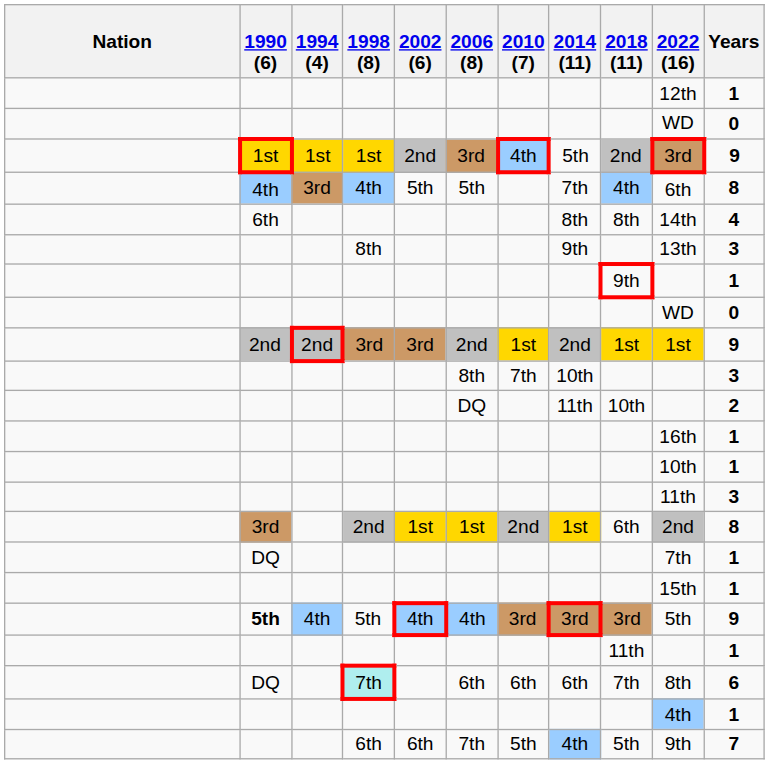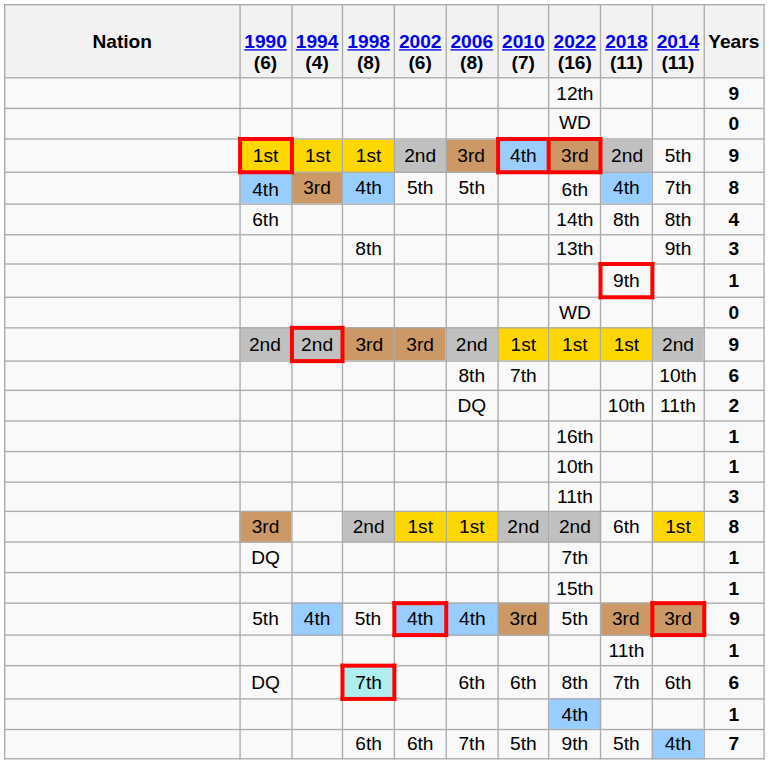 <table class="wikitable" style="text-align:center; font-size:90%">
 <tr>
 <th width=170>Nation</th>
 <th><br><a href='#'>1990</a><br>(6)</th>
 <th><br><a href='#'>1994</a><br>(4)</th>
 <th><br><a href='#'>1998</a><br>(8)</th>
 <th><br><a href='#'>2002</a><br>(6)</th>
 <th><br><a href='#'>2006</a><br>(8)</th>
 <th><br><a href='#'>2010</a><br>(7)</th>
+<th><br><a href='#'>2022</a><br>(16)</th>
+<th><br><a href='#'>2018</a><br>(11)</th>
 <th><br><a href='#'>2014</a><br>(11)</th>
-<th><br><a href='#'>2018</a><br>(11)</th>
-<th><br><a href='#'>2022</a><br>(16)</th>
 <th>Years</th>
 </tr>
 <tr>
 <td align=left></td>
 <td></td>
 <td></td>
 <td></td>
 <td></td>
 <td></td>
 <td></td>
+<td>12th</td>
 <td></td>
 <td></td>
-<td>12th</td>
-<td><strong>1</strong></td>
+<td><strong>9</strong></td>
 </tr>
 <tr>
 <td align=left></td>
 <td></td>
 <td></td>
 <td></td>
 <td></td>
 <td></td>
 <td></td>
+<td>WD</td>
 <td></td>
 <td></td>
-<td>WD</td>
 <td><strong>0</strong></td>
 </tr>
 <tr>
 <td align=left></td>
 <td style="border: 3px solid red" bgcolor=gold>1st</td>
 <td bgcolor=gold>1st</td>
 <td bgcolor=gold>1st</td>
 <td bgcolor=silver>2nd</td>
 <td bgcolor=#cc9966>3rd</td>
 <td style="border: 3px solid red" bgcolor=#9acdff>4th</td>
+<td style="border: 3px solid red" bgcolor=#cc9966>3rd</td>
+<td bgcolor=silver>2nd</td>
 <td>5th</td>
-<td bgcolor=silver>2nd</td>
-<td style="border: 3px solid red" bgcolor=#cc9966>3rd</td>
 <td><strong>9</strong></td>
 </tr>
 <tr>
 <td align=left></td>
 <td bgcolor=#9acdff>4th</td>
 <td bgcolor=#cc9966>3rd</td>
 <td bgcolor=#9acdff>4th</td>
 <td>5th</td>
 <td>5th</td>
 <td></td>
+<td>6th</td>
+<td bgcolor=#9acdff>4th</td>
 <td>7th</td>
-<td bgcolor=#9acdff>4th</td>
-<td>6th</td>
 <td><strong>8</strong></td>
 </tr>
 <tr>
 <td align=left></td>
 <td>6th</td>
 <td></td>
 <td></td>
 <td></td>
 <td></td>
 <td></td>
+<td>14th</td>
 <td>8th</td>
 <td>8th</td>
-<td>14th</td>
 <td><strong>4</strong></td>
 </tr>
 <tr>
 <td align=left></td>
 <td></td>
 <td></td>
 <td>8th</td>
 <td></td>
 <td></td>
 <td></td>
+<td>13th</td>
+<td></td>
 <td>9th</td>
-<td></td>
-<td>13th</td>
 <td><strong>3</strong></td>
 </tr>
 <tr>
 <td align=left></td>
 <td></td>
 <td></td>
 <td></td>
 <td></td>
 <td></td>
 <td></td>
 <td></td>
 <td style="border: 3px solid red">9th</td>
 <td></td>
 <td><strong>1</strong></td>
 </tr>
 <tr>
 <td align=left></td>
 <td></td>
 <td></td>
 <td></td>
 <td></td>
 <td></td>
 <td></td>
+<td>WD</td>
 <td></td>
 <td></td>
-<td>WD</td>
 <td><strong>0</strong></td>
 </tr>
 <tr>
 <td align=left></td>
 <td bgcolor=silver>2nd</td>
 <td style="border: 3px solid red" bgcolor=silver>2nd</td>
 <td bgcolor=#cc9966>3rd</td>
 <td bgcolor=#cc9966>3rd</td>
 <td bgcolor=silver>2nd</td>
 <td bgcolor=gold>1st</td>
-<td bgcolor=silver>2nd</td>
 <td bgcolor=gold>1st</td>
 <td bgcolor=gold>1st</td>
+<td bgcolor=silver>2nd</td>
 <td><strong>9</strong></td>
 </tr>
 <tr>
 <td align=left></td>
 <td></td>
 <td></td>
 <td></td>
 <td></td>
 <td>8th</td>
 <td>7th</td>
-<td>10th</td>
 <td></td>
 <td></td>
-<td><strong>3</strong></td>
+<td>10th</td>
+<td><strong>6</strong></td>
 </tr>
 <tr>
 <td align=left></td>
 <td></td>
 <td></td>
 <td></td>
 <td></td>
 <td>DQ</td>
 <td></td>
+<td></td>
+<td>10th</td>
 <td>11th</td>
-<td>10th</td>
-<td></td>
 <td><strong>2</strong></td>
 </tr>
 <tr>
 <td align=left></td>
 <td></td>
 <td></td>
 <td></td>
 <td></td>
 <td></td>
 <td></td>
+<td>16th</td>
 <td></td>
 <td></td>
-<td>16th</td>
 <td><strong>1</strong></td>
 </tr>
 <tr>
 <td align=left></td>
 <td></td>
 <td></td>
 <td></td>
 <td></td>
 <td></td>
 <td></td>
+<td>10th</td>
 <td></td>
 <td></td>
-<td>10th</td>
 <td><strong>1</strong></td>
 </tr>
 <tr>
 <td align=left></td>
 <td></td>
 <td></td>
 <td></td>
 <td></td>
 <td></td>
 <td></td>
+<td>11th</td>
 <td></td>
 <td></td>
-<td>11th</td>
 <td><strong>3</strong></td>
 </tr>
 <tr>
 <td align=left></td>
 <td bgcolor=#cc9966>3rd</td>
 <td></td>
 <td bgcolor=silver>2nd</td>
 <td bgcolor=gold>1st</td>
 <td bgcolor=gold>1st</td>
 <td bgcolor=silver>2nd</td>
+<td bgcolor=silver>2nd</td>
+<td>6th</td>
 <td bgcolor=gold>1st</td>
-<td>6th</td>
-<td bgcolor=silver>2nd</td>
 <td><strong>8</strong></td>
 </tr>
 <tr>
 <td align=left></td>
 <td>DQ</td>
 <td></td>
 <td></td>
 <td></td>
 <td></td>
 <td></td>
+<td>7th</td>
 <td></td>
 <td></td>
-<td>7th</td>
 <td><strong>1</strong></td>
 </tr>
 <tr>
 <td align=left></td>
 <td></td>
 <td></td>
 <td></td>
 <td></td>
 <td></td>
 <td></td>
+<td>15th</td>
 <td></td>
 <td></td>
-<td>15th</td>
 <td><strong>1</strong></td>
 </tr>
 <tr>
 <td align=left></td>
-<td><strong>5th</strong></td>
+<td>5th</td>
 <td bgcolor=#9acdff>4th</td>
 <td>5th</td>
 <td style="border: 3px solid red" bgcolor=#9acdff>4th</td>
 <td bgcolor=#9acdff>4th</td>
 <td bgcolor=#cc9966>3rd</td>
+<td>5th</td>
+<td bgcolor=#cc9966>3rd</td>
 <td style="border: 3px solid red" bgcolor=#cc9966>3rd</td>
-<td bgcolor=#cc9966>3rd</td>
-<td>5th</td>
 <td><strong>9</strong></td>
 </tr>
 <tr>
 <td align=left></td>
 <td></td>
 <td></td>
 <td></td>
 <td></td>
 <td></td>
 <td></td>
 <td></td>
 <td>11th</td>
 <td></td>
 <td><strong>1</strong></td>
 </tr>
 <tr>
 <td align=left></td>
 <td>DQ</td>
 <td></td>
 <td style="background: paleturquoise; border: 3px solid red">7th</td>
 <td></td>
 <td>6th</td>
 <td>6th</td>
+<td>8th</td>
+<td>7th</td>
 <td>6th</td>
-<td>7th</td>
-<td>8th</td>
 <td><strong>6</strong></td>
 </tr>
 <tr>
 <td align=left></td>
 <td></td>
 <td></td>
 <td></td>
 <td></td>
 <td></td>
 <td></td>
+<td bgcolor=#9acdff>4th</td>
 <td></td>
 <td></td>
-<td bgcolor=#9acdff>4th</td>
 <td><strong>1</strong></td>
 </tr>
 <tr>
 <td align=left></td>
 <td></td>
 <td></td>
 <td>6th</td>
 <td>6th</td>
 <td>7th</td>
 <td>5th</td>
+<td>9th</td>
+<td>5th</td>
 <td bgcolor=#9acdff>4th</td>
-<td>5th</td>
-<td>9th</td>
 <td><strong>7</strong></td>
 </tr>
 </table>
